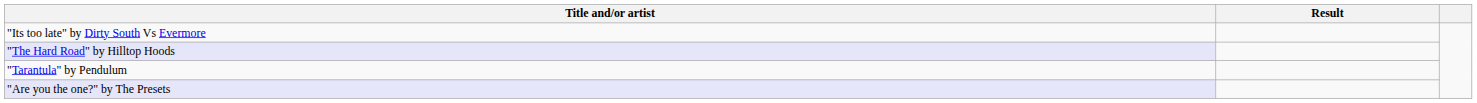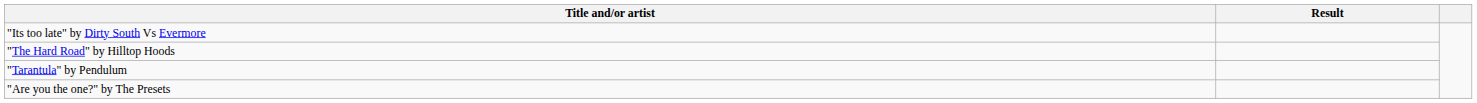 <table class="wikitable" width="100%">
 <tr>
 <th scope="col">Title and/or artist</th>
 <th scope="col">Result</th>
 <th scope="col"></th>
 </tr>
 <tr>
 <td>"Its too late" by <a href='#'>Dirty South</a> Vs <a href='#'>Evermore</a></td>
 <td></td>
 <td rowspan="4"></td>
 </tr>
 <tr>
-<td style="background: lavender;">"<a href='#'>The Hard Road</a>" by Hilltop Hoods</td>
+<td>"<a href='#'>The Hard Road</a>" by Hilltop Hoods</td>
 <td></td>
 </tr>
 <tr>
 <td>"<a href='#'>Tarantula</a>" by Pendulum</td>
 <td></td>
 </tr>
 <tr>
-<td style="background: lavender;">"Are you the one?" by The Presets</td>
+<td>"Are you the one?" by The Presets</td>
 <td></td>
 </tr>
 </table>
